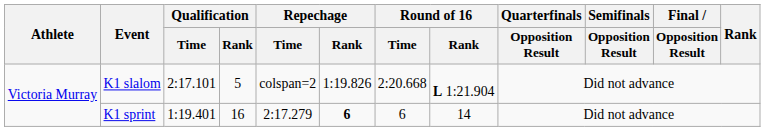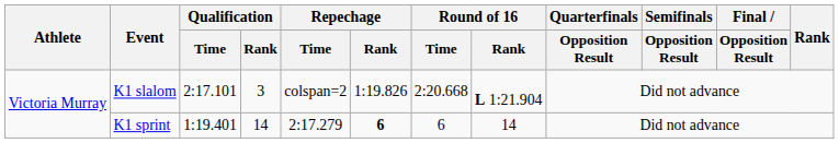 <table class="wikitable" style="font-size:90%;">
 <tr>
 <th rowspan=2>Athlete</th>
 <th rowspan=2>Event</th>
 <th colspan=2>Qualification</th>
 <th colspan=2>Repechage</th>
 <th colspan=2>Round of 16</th>
 <th>Quarterfinals</th>
 <th>Semifinals</th>
 <th>Final / </th>
 <th rowspan=2>Rank</th>
 </tr>
 <tr style="font-size:95%">
 <th>Time</th>
 <th>Rank</th>
 <th>Time</th>
 <th>Rank</th>
 <th>Time</th>
 <th>Rank</th>
 <th>Opposition <br>Result</th>
 <th>Opposition <br>Result</th>
 <th>Opposition <br>Result</th>
 </tr>
 <tr align=center>
 <td rowspan=2 align=left><a href='#'>Victoria Murray</a></td>
 <td align=left><a href='#'>K1 slalom</a></td>
 <td>2:17.101</td>
-<td>5</td>
+<td>3</td>
 <td>colspan=2 </td>
 <td>1:19.826</td>
 <td>2:20.668</td>
 <td> <br><strong>L</strong> 1:21.904</td>
 <td colspan="4">Did not advance</td>
 </tr>
 <tr align=center>
 <td align=left><a href='#'>K1 sprint</a></td>
 <td>1:19.401</td>
-<td>16</td>
+<td>14</td>
 <td>2:17.279</td>
 <td><strong>6</strong></td>
 <td>6</td>
 <td>14</td>
 <td colspan="4">Did not advance</td>
 </tr>
 </table>
